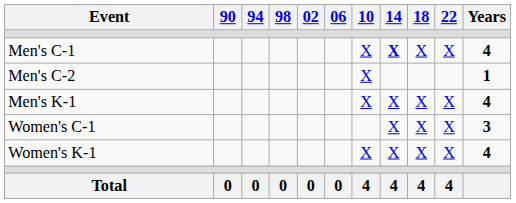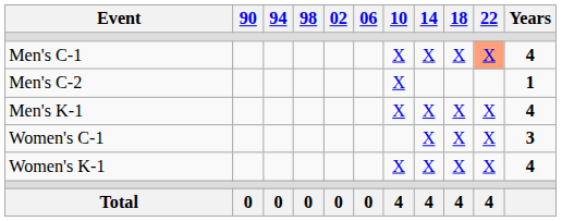 <table class=wikitable style="text-align:center">
 <tr>
 <th width="200">Event</th>
 <th width=20><a href='#'>90</a></th>
 <th width=20><a href='#'>94</a></th>
 <th width=20><a href='#'>98</a></th>
 <th width=20><a href='#'>02</a></th>
 <th width=20><a href='#'>06</a></th>
 <th width=20><a href='#'>10</a></th>
 <th width=20><a href='#'>14</a></th>
 <th width=20><a href='#'>18</a></th>
 <th width=20><a href='#'>22</a></th>
 <th width=40>Years</th>
 </tr>
 <tr bgcolor=#DDDDDD>
 <td colspan=11></td>
 </tr>
 <tr>
 <td align=left>Men's C-1</td>
 <td></td>
 <td></td>
 <td></td>
 <td></td>
 <td></td>
 <td><a href='#'>X</a></td>
-<td><strong><a href='#'>X</a></strong></td>
 <td><a href='#'>X</a></td>
 <td><a href='#'>X</a></td>
+<td style="background: lightsalmon;"><a href='#'>X</a></td>
 <td><strong>4</strong></td>
 </tr>
 <tr>
 <td align=left>Men's C-2</td>
 <td></td>
 <td></td>
 <td></td>
 <td></td>
 <td></td>
 <td><a href='#'>X</a></td>
 <td></td>
 <td></td>
 <td></td>
 <td><strong>1</strong></td>
 </tr>
 <tr>
 <td align=left>Men's K-1</td>
 <td></td>
 <td></td>
 <td></td>
 <td></td>
 <td></td>
 <td><a href='#'>X</a></td>
 <td><a href='#'>X</a></td>
 <td><a href='#'>X</a></td>
 <td><a href='#'>X</a></td>
 <td><strong>4</strong></td>
 </tr>
 <tr>
 <td align=left>Women's C-1</td>
 <td></td>
 <td></td>
 <td></td>
 <td></td>
 <td></td>
 <td></td>
 <td><a href='#'>X</a></td>
 <td><a href='#'>X</a></td>
 <td><a href='#'>X</a></td>
 <td><strong>3</strong></td>
 </tr>
 <tr>
 <td align=left>Women's K-1</td>
 <td></td>
 <td></td>
 <td></td>
 <td></td>
 <td></td>
 <td><a href='#'>X</a></td>
 <td><a href='#'>X</a></td>
 <td><a href='#'>X</a></td>
 <td><a href='#'>X</a></td>
 <td><strong>4</strong></td>
 </tr>
 <tr bgcolor=#DDDDDD>
 <td colspan=11></td>
 </tr>
 <tr>
 <th>Total</th>
 <th>0</th>
 <th>0</th>
 <th>0</th>
 <th>0</th>
 <th>0</th>
 <th>4</th>
 <th>4</th>
 <th>4</th>
 <th>4</th>
 <th></th>
 </tr>
 </table>
